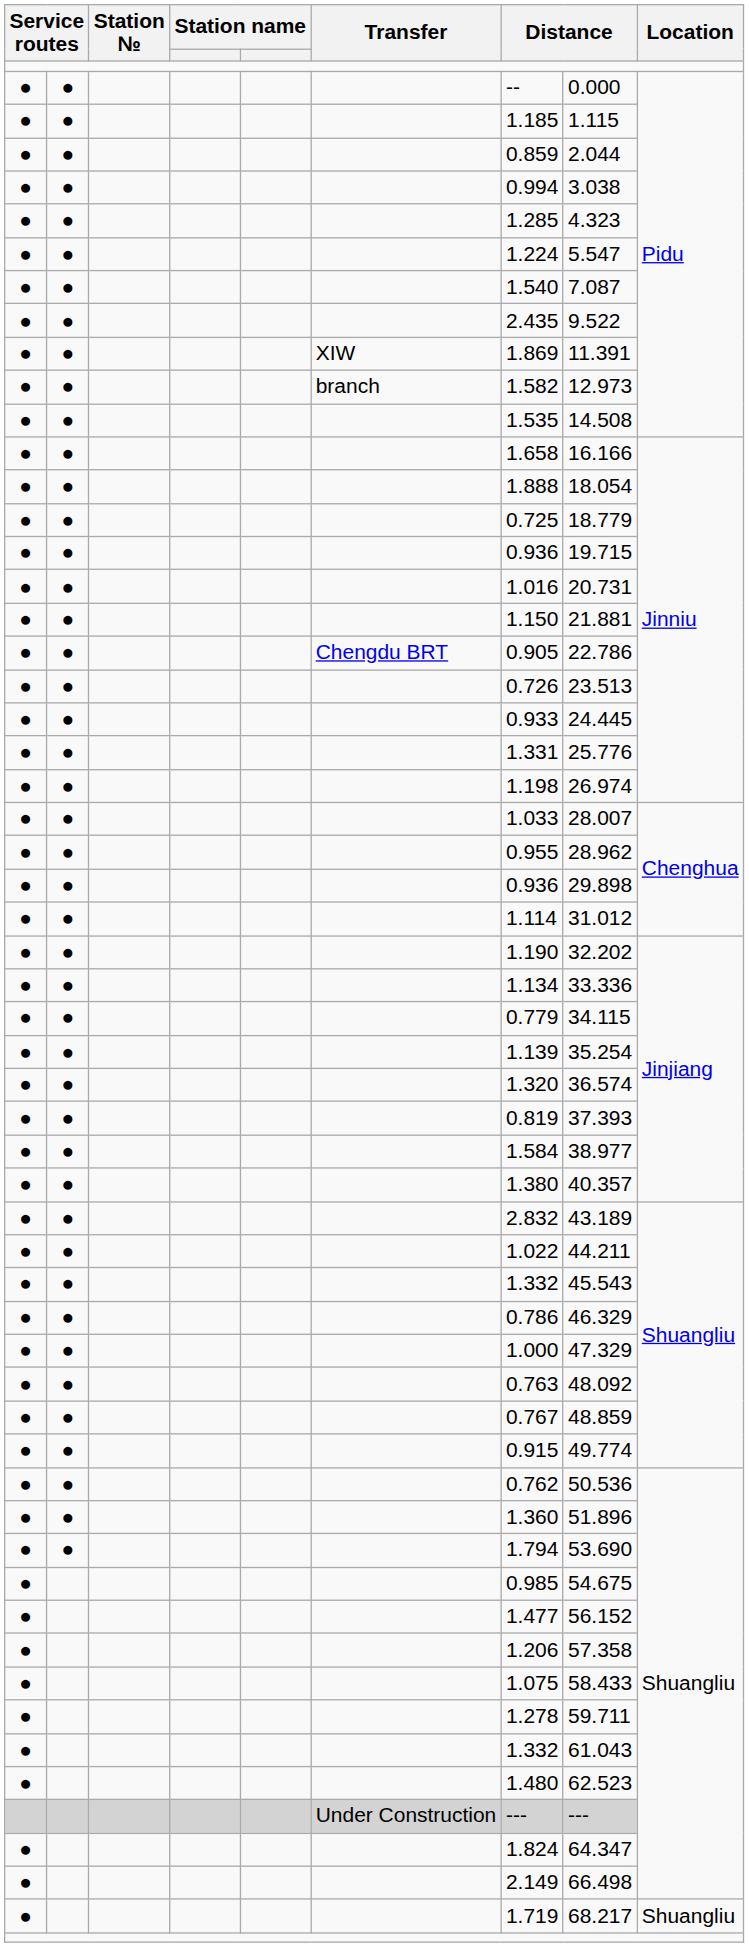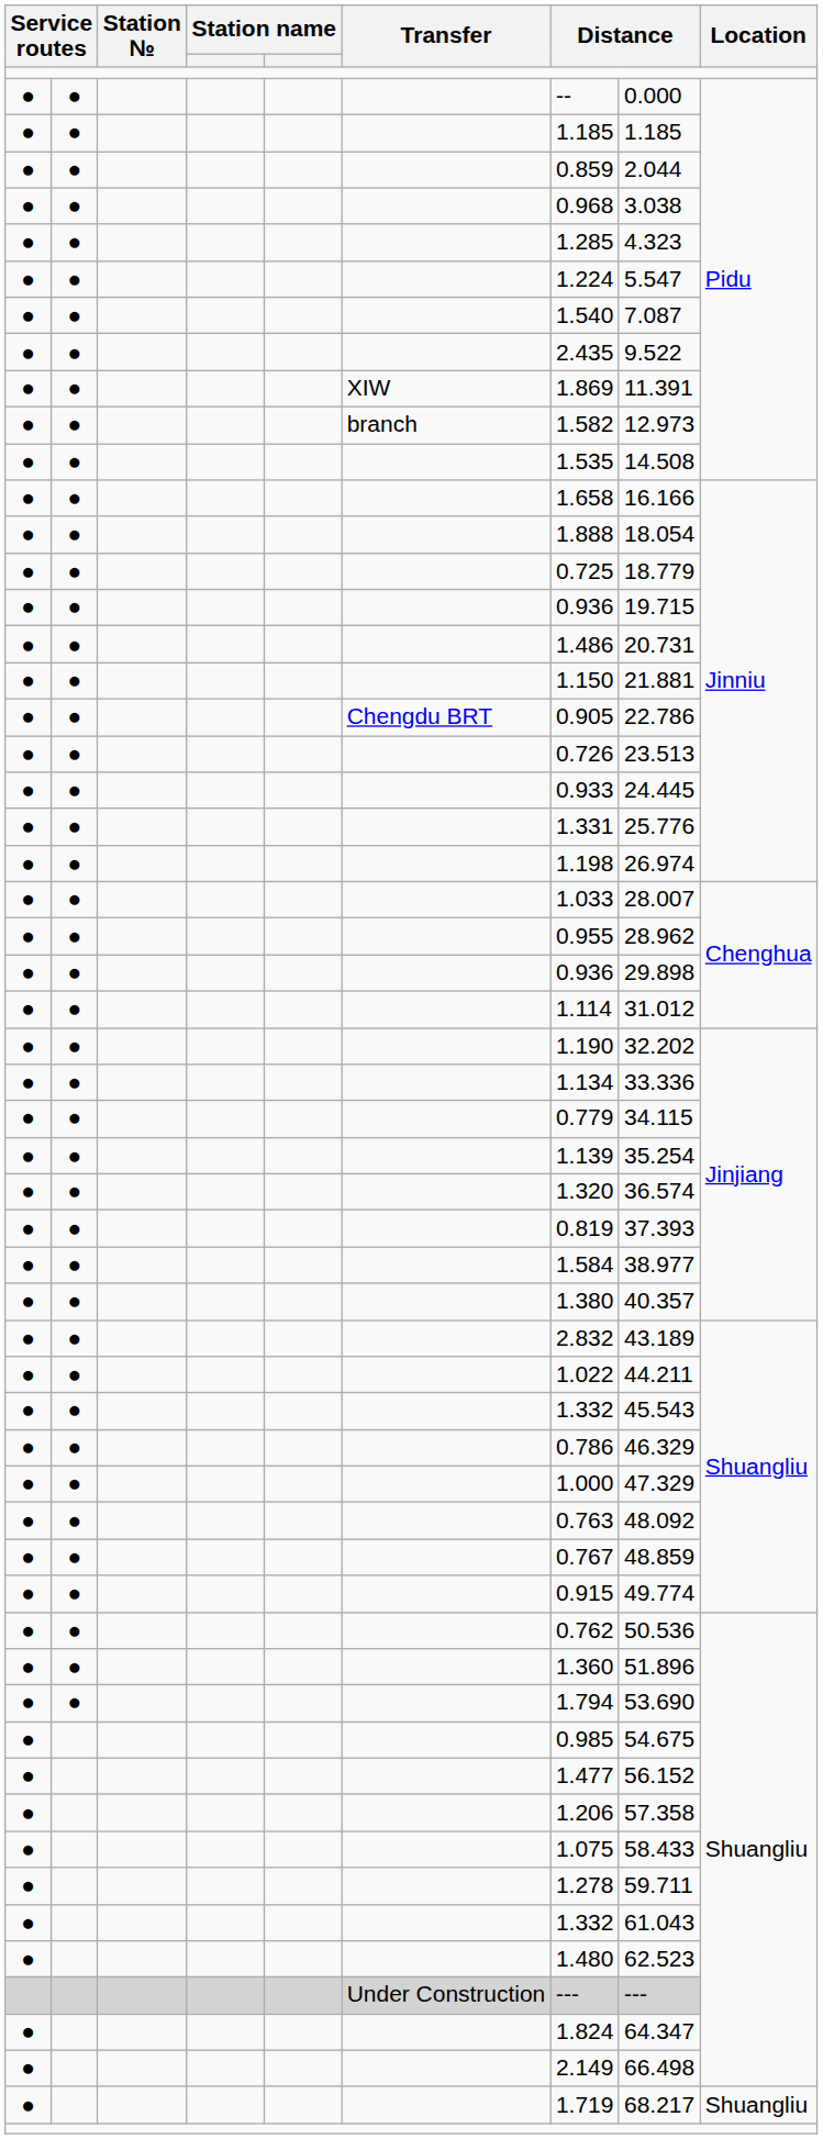 <table class="wikitable">
 <tr>
 <th colspan="2" rowspan="2">Service<br>routes</th>
 <th rowspan="2">Station<br>№</th>
 <th colspan=2>Station name</th>
 <th rowspan=2>Transfer</th>
 <th colspan="2" rowspan="2">Distance<br></th>
 <th rowspan=2>Location</th>
 </tr>
 <tr>
 <th></th>
 <th></th>
 </tr>
 <tr style="background:#">
 <td colspan="9"></td>
 </tr>
 <tr>
 <td align="center">●</td>
 <td align="center">●</td>
 <td></td>
 <td></td>
 <td></td>
 <td></td>
 <td>--</td>
 <td>0.000</td>
 <td rowspan="11"><a href='#'>Pidu</a></td>
 </tr>
 <tr>
 <td align="center">●</td>
 <td align="center">●</td>
 <td></td>
 <td></td>
 <td></td>
 <td></td>
 <td>1.185</td>
-<td>1.115</td>
+<td>1.185</td>
 </tr>
 <tr>
 <td align="center">●</td>
 <td align="center">●</td>
 <td></td>
 <td></td>
 <td></td>
 <td></td>
 <td>0.859</td>
 <td>2.044</td>
 </tr>
 <tr>
 <td align="center">●</td>
 <td align="center">●</td>
 <td></td>
 <td></td>
 <td></td>
 <td></td>
-<td>0.994</td>
+<td>0.968</td>
 <td>3.038</td>
 </tr>
 <tr>
 <td align="center">●</td>
 <td align="center">●</td>
 <td></td>
 <td></td>
 <td></td>
 <td></td>
 <td>1.285</td>
 <td>4.323</td>
 </tr>
 <tr>
 <td align="center">●</td>
 <td align="center">●</td>
 <td></td>
 <td></td>
 <td></td>
 <td></td>
 <td>1.224</td>
 <td>5.547</td>
 </tr>
 <tr>
 <td align="center">●</td>
 <td align="center">●</td>
 <td></td>
 <td></td>
 <td></td>
 <td></td>
 <td>1.540</td>
 <td>7.087</td>
 </tr>
 <tr>
 <td align="center">●</td>
 <td align="center">●</td>
 <td></td>
 <td></td>
 <td></td>
 <td></td>
 <td>2.435</td>
 <td>9.522</td>
 </tr>
 <tr>
 <td align="center">●</td>
 <td align="center">●</td>
 <td></td>
 <td></td>
 <td></td>
 <td>  XIW</td>
 <td>1.869</td>
 <td>11.391</td>
 </tr>
 <tr>
 <td align="center">●</td>
 <td align="center">●</td>
 <td></td>
 <td></td>
 <td></td>
 <td> branch </td>
 <td>1.582</td>
 <td>12.973</td>
 </tr>
 <tr>
 <td align="center">●</td>
 <td align="center">●</td>
 <td></td>
 <td></td>
 <td></td>
 <td></td>
 <td>1.535</td>
 <td>14.508</td>
 </tr>
 <tr>
 <td align="center">●</td>
 <td align="center">●</td>
 <td></td>
 <td></td>
 <td></td>
 <td></td>
 <td>1.658</td>
 <td>16.166</td>
 <td rowspan="11"><a href='#'>Jinniu</a></td>
 </tr>
 <tr>
 <td align="center">●</td>
 <td align="center">●</td>
 <td></td>
 <td></td>
 <td></td>
 <td></td>
 <td>1.888</td>
 <td>18.054</td>
 </tr>
 <tr>
 <td align="center">●</td>
 <td align="center">●</td>
 <td></td>
 <td></td>
 <td></td>
 <td></td>
 <td>0.725</td>
 <td>18.779</td>
 </tr>
 <tr>
 <td align="center">●</td>
 <td align="center">●</td>
 <td></td>
 <td></td>
 <td></td>
 <td></td>
 <td>0.936</td>
 <td>19.715</td>
 </tr>
 <tr>
 <td align="center">●</td>
 <td align="center">●</td>
 <td></td>
 <td></td>
 <td></td>
 <td></td>
-<td>1.016</td>
+<td>1.486</td>
 <td>20.731</td>
 </tr>
 <tr>
 <td align="center">●</td>
 <td align="center">●</td>
 <td></td>
 <td></td>
 <td></td>
 <td></td>
 <td>1.150</td>
 <td>21.881</td>
 </tr>
 <tr>
 <td align="center">●</td>
 <td align="center">●</td>
 <td></td>
 <td></td>
 <td></td>
 <td>  <a href='#'>Chengdu BRT</a></td>
 <td>0.905</td>
 <td>22.786</td>
 </tr>
 <tr>
 <td align="center">●</td>
 <td align="center">●</td>
 <td></td>
 <td></td>
 <td></td>
 <td></td>
 <td>0.726</td>
 <td>23.513</td>
 </tr>
 <tr>
 <td align="center">●</td>
 <td align="center">●</td>
 <td></td>
 <td></td>
 <td></td>
 <td></td>
 <td>0.933</td>
 <td>24.445</td>
 </tr>
 <tr>
 <td align="center">●</td>
 <td align="center">●</td>
 <td></td>
 <td></td>
 <td></td>
 <td></td>
 <td>1.331</td>
 <td>25.776</td>
 </tr>
 <tr>
 <td align="center">●</td>
 <td align="center">●</td>
 <td></td>
 <td></td>
 <td></td>
 <td></td>
 <td>1.198</td>
 <td>26.974</td>
 </tr>
 <tr>
 <td align="center">●</td>
 <td align="center">●</td>
 <td></td>
 <td></td>
 <td></td>
 <td></td>
 <td>1.033</td>
 <td>28.007</td>
 <td rowspan="4"><a href='#'>Chenghua</a></td>
 </tr>
 <tr>
 <td align="center">●</td>
 <td align="center">●</td>
 <td></td>
 <td></td>
 <td></td>
 <td></td>
 <td>0.955</td>
 <td>28.962</td>
 </tr>
 <tr>
 <td align="center">●</td>
 <td align="center">●</td>
 <td></td>
 <td></td>
 <td></td>
 <td></td>
 <td>0.936</td>
 <td>29.898</td>
 </tr>
 <tr>
 <td align="center">●</td>
 <td align="center">●</td>
 <td></td>
 <td></td>
 <td></td>
 <td></td>
 <td>1.114</td>
 <td>31.012</td>
 </tr>
 <tr>
 <td align="center">●</td>
 <td align="center">●</td>
 <td></td>
 <td></td>
 <td></td>
 <td></td>
 <td>1.190</td>
 <td>32.202</td>
 <td rowspan="8"><a href='#'>Jinjiang</a></td>
 </tr>
 <tr>
 <td align="center">●</td>
 <td align="center">●</td>
 <td></td>
 <td></td>
 <td></td>
 <td></td>
 <td>1.134</td>
 <td>33.336</td>
 </tr>
 <tr>
 <td align="center">●</td>
 <td align="center">●</td>
 <td></td>
 <td></td>
 <td></td>
 <td></td>
 <td>0.779</td>
 <td>34.115</td>
 </tr>
 <tr>
 <td align="center">●</td>
 <td align="center">●</td>
 <td></td>
 <td></td>
 <td></td>
 <td></td>
 <td>1.139</td>
 <td>35.254</td>
 </tr>
 <tr>
 <td align="center">●</td>
 <td align="center">●</td>
 <td></td>
 <td></td>
 <td></td>
 <td></td>
 <td>1.320</td>
 <td>36.574</td>
 </tr>
 <tr>
 <td align="center">●</td>
 <td align="center">●</td>
 <td></td>
 <td></td>
 <td></td>
 <td></td>
 <td>0.819</td>
 <td>37.393</td>
 </tr>
 <tr>
 <td align="center">●</td>
 <td align="center">●</td>
 <td></td>
 <td></td>
 <td></td>
 <td></td>
 <td>1.584</td>
 <td>38.977</td>
 </tr>
 <tr>
 <td align="center">●</td>
 <td align="center">●</td>
 <td></td>
 <td></td>
 <td></td>
 <td></td>
 <td>1.380</td>
 <td>40.357</td>
 </tr>
 <tr>
 <td align="center">●</td>
 <td align="center">●</td>
 <td></td>
 <td></td>
 <td></td>
 <td></td>
 <td>2.832</td>
 <td>43.189</td>
 <td rowspan="8"><a href='#'>Shuangliu</a><br></td>
 </tr>
 <tr>
 <td align="center">●</td>
 <td align="center">●</td>
 <td></td>
 <td></td>
 <td></td>
 <td></td>
 <td>1.022</td>
 <td>44.211</td>
 </tr>
 <tr>
 <td align="center">●</td>
 <td align="center">●</td>
 <td></td>
 <td></td>
 <td></td>
 <td></td>
 <td>1.332</td>
 <td>45.543</td>
 </tr>
 <tr>
 <td align="center">●</td>
 <td align="center">●</td>
 <td></td>
 <td></td>
 <td></td>
 <td></td>
 <td>0.786</td>
 <td>46.329</td>
 </tr>
 <tr>
 <td align="center">●</td>
 <td align="center">●</td>
 <td></td>
 <td></td>
 <td></td>
 <td></td>
 <td>1.000</td>
 <td>47.329</td>
 </tr>
 <tr>
 <td align="center">●</td>
 <td align="center">●</td>
 <td></td>
 <td></td>
 <td></td>
 <td></td>
 <td>0.763</td>
 <td>48.092</td>
 </tr>
 <tr>
 <td align="center">●</td>
 <td align="center">●</td>
 <td></td>
 <td></td>
 <td></td>
 <td></td>
 <td>0.767</td>
 <td>48.859</td>
 </tr>
 <tr>
 <td align="center">●</td>
 <td align="center">●</td>
 <td></td>
 <td></td>
 <td></td>
 <td></td>
 <td>0.915</td>
 <td>49.774</td>
 </tr>
 <tr>
 <td align="center">●</td>
 <td align="center">●</td>
 <td></td>
 <td></td>
 <td></td>
 <td></td>
 <td>0.762</td>
 <td>50.536</td>
 <td rowspan="13">Shuangliu<br></td>
 </tr>
 <tr>
 <td align="center">●</td>
 <td align="center">●</td>
 <td></td>
 <td></td>
 <td></td>
 <td></td>
 <td>1.360</td>
 <td>51.896</td>
 </tr>
 <tr>
 <td align="center">●</td>
 <td align="center">●</td>
 <td></td>
 <td></td>
 <td></td>
 <td></td>
 <td>1.794</td>
 <td>53.690</td>
 </tr>
 <tr>
 <td align="center">●</td>
 <td></td>
 <td></td>
 <td></td>
 <td></td>
 <td></td>
 <td>0.985</td>
 <td>54.675</td>
 </tr>
 <tr>
 <td align="center">●</td>
 <td></td>
 <td></td>
 <td></td>
 <td></td>
 <td></td>
 <td>1.477</td>
 <td>56.152</td>
 </tr>
 <tr>
 <td align="center">●</td>
 <td></td>
 <td></td>
 <td></td>
 <td></td>
 <td></td>
 <td>1.206</td>
 <td>57.358</td>
 </tr>
 <tr>
 <td align="center">●</td>
 <td></td>
 <td></td>
 <td></td>
 <td></td>
 <td></td>
 <td>1.075</td>
 <td>58.433</td>
 </tr>
 <tr>
 <td align="center">●</td>
 <td></td>
 <td></td>
 <td></td>
 <td></td>
 <td> </td>
 <td>1.278</td>
 <td>59.711</td>
 </tr>
 <tr>
 <td align="center">●</td>
 <td></td>
 <td></td>
 <td></td>
 <td></td>
 <td></td>
 <td>1.332</td>
 <td>61.043</td>
 </tr>
 <tr>
 <td align="center">●</td>
 <td></td>
 <td></td>
 <td></td>
 <td></td>
 <td></td>
 <td>1.480</td>
 <td>62.523</td>
 </tr>
 <tr bgcolor="lightgrey">
 <td align="center"></td>
 <td></td>
 <td></td>
 <td></td>
 <td></td>
 <td>Under Construction</td>
 <td>---</td>
 <td>---</td>
 </tr>
 <tr>
 <td align="center">●</td>
 <td></td>
 <td></td>
 <td></td>
 <td></td>
 <td></td>
 <td>1.824</td>
 <td>64.347</td>
 </tr>
 <tr>
 <td align="center">●</td>
 <td></td>
 <td></td>
 <td></td>
 <td></td>
 <td></td>
 <td>2.149</td>
 <td>66.498</td>
 </tr>
 <tr>
 <td align="center">●</td>
 <td></td>
 <td></td>
 <td></td>
 <td></td>
 <td></td>
 <td>1.719</td>
 <td>68.217</td>
 <td>Shuangliu</td>
 </tr>
 <tr style="background:#">
 <td colspan="9"></td>
 </tr>
 </table>
